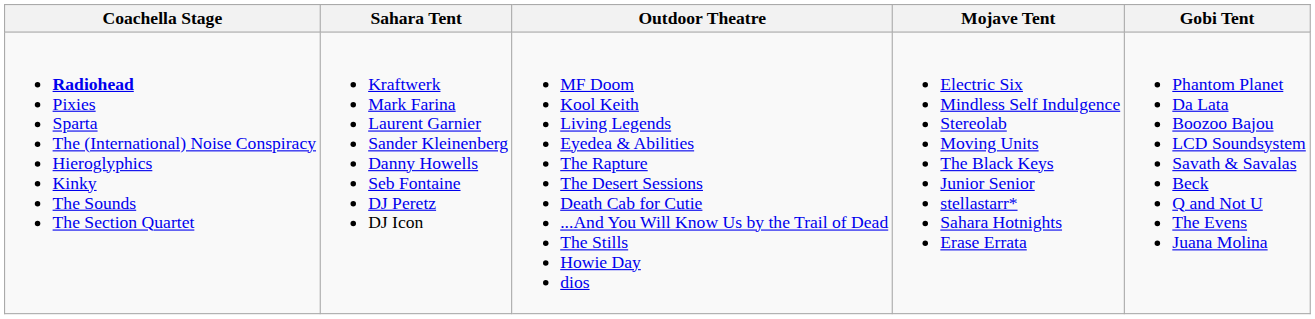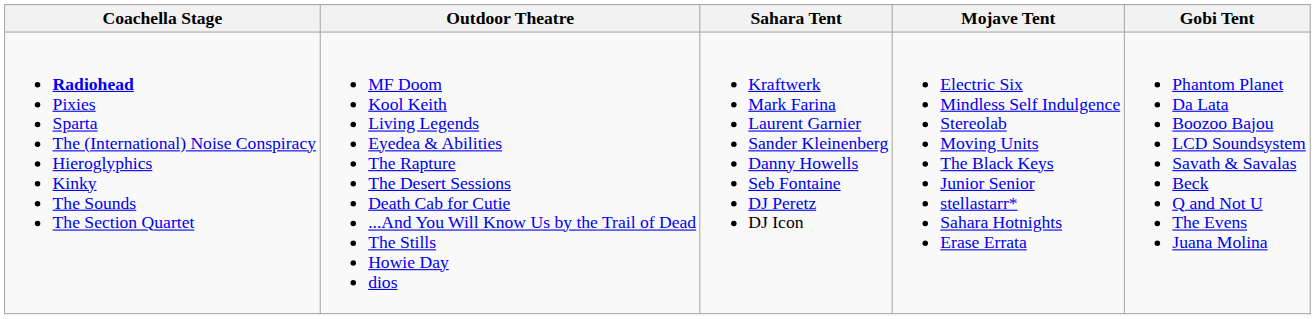 <table class="wikitable">
 <tr>
 <th>Coachella Stage</th>
+<th>Outdoor Theatre</th>
 <th>Sahara Tent</th>
-<th>Outdoor Theatre</th>
 <th>Mojave Tent</th>
 <th>Gobi Tent</th>
 </tr>
 <tr valign="top">
 <td><br><ul><li><strong><a href='#'>Radiohead</a></strong></li><li><a href='#'>Pixies</a></li><li><a href='#'>Sparta</a></li><li><a href='#'>The (International) Noise Conspiracy</a></li><li><a href='#'>Hieroglyphics</a></li><li><a href='#'>Kinky</a></li><li><a href='#'>The Sounds</a></li><li><a href='#'>The Section Quartet</a></li></ul></td>
+<td><br><ul><li><a href='#'>MF Doom</a></li><li><a href='#'>Kool Keith</a></li><li><a href='#'>Living Legends</a></li><li><a href='#'>Eyedea & Abilities</a></li><li><a href='#'>The Rapture</a></li><li><a href='#'>The Desert Sessions</a></li><li><a href='#'>Death Cab for Cutie</a></li><li><a href='#'>...And You Will Know Us by the Trail of Dead</a></li><li><a href='#'>The Stills</a></li><li><a href='#'>Howie Day</a></li><li><a href='#'>dios</a></li></ul></td>
 <td><br><ul><li><a href='#'>Kraftwerk</a></li><li><a href='#'>Mark Farina</a></li><li><a href='#'>Laurent Garnier</a></li><li><a href='#'>Sander Kleinenberg</a></li><li><a href='#'>Danny Howells</a></li><li><a href='#'>Seb Fontaine</a></li><li><a href='#'>DJ Peretz</a></li><li>DJ Icon</li></ul></td>
-<td><br><ul><li><a href='#'>MF Doom</a></li><li><a href='#'>Kool Keith</a></li><li><a href='#'>Living Legends</a></li><li><a href='#'>Eyedea & Abilities</a></li><li><a href='#'>The Rapture</a></li><li><a href='#'>The Desert Sessions</a></li><li><a href='#'>Death Cab for Cutie</a></li><li><a href='#'>...And You Will Know Us by the Trail of Dead</a></li><li><a href='#'>The Stills</a></li><li><a href='#'>Howie Day</a></li><li><a href='#'>dios</a></li></ul></td>
 <td><br><ul><li><a href='#'>Electric Six</a></li><li><a href='#'>Mindless Self Indulgence</a></li><li><a href='#'>Stereolab</a></li><li><a href='#'>Moving Units</a></li><li><a href='#'>The Black Keys</a></li><li><a href='#'>Junior Senior</a></li><li><a href='#'>stellastarr*</a></li><li><a href='#'>Sahara Hotnights</a></li><li><a href='#'>Erase Errata</a></li></ul></td>
 <td><br><ul><li><a href='#'>Phantom Planet</a></li><li><a href='#'>Da Lata</a></li><li><a href='#'>Boozoo Bajou</a></li><li><a href='#'>LCD Soundsystem</a></li><li><a href='#'>Savath & Savalas</a></li><li><a href='#'>Beck</a></li><li><a href='#'>Q and Not U</a></li><li><a href='#'>The Evens</a></li><li><a href='#'>Juana Molina</a></li></ul></td>
 </tr>
 </table>
